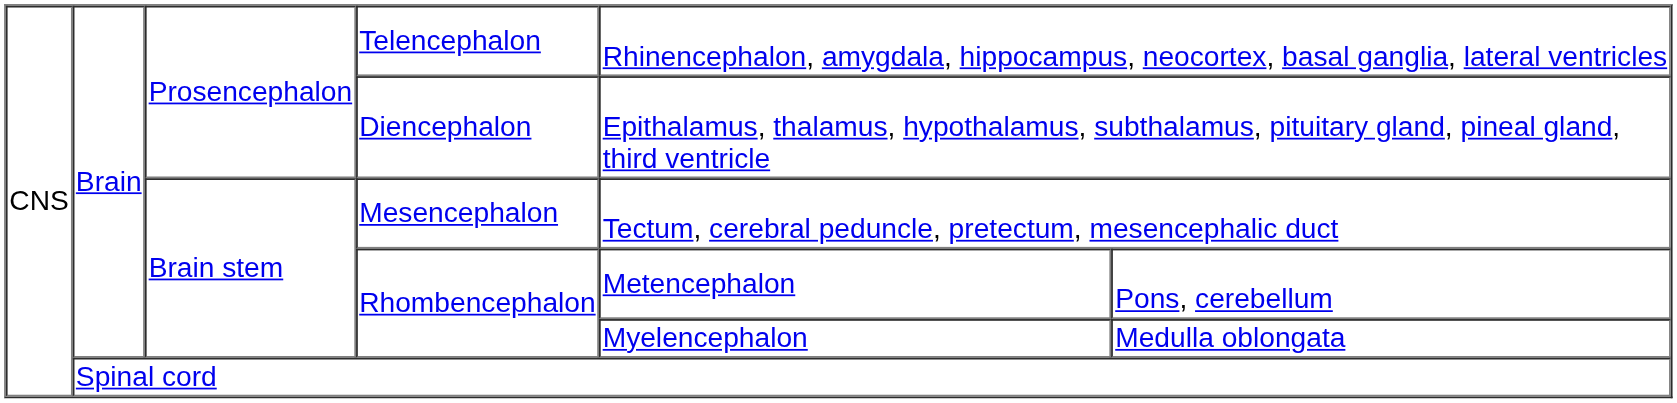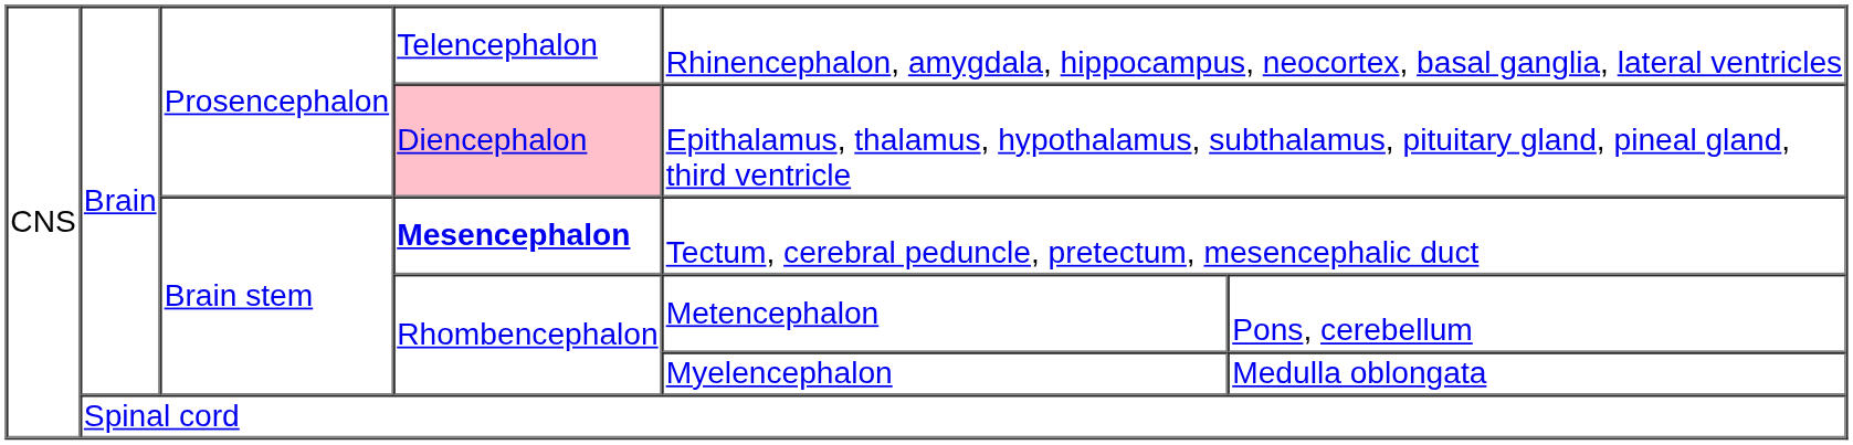 <table style="margin:auto; width:75%;" border="1" cellpadding="1" cellspacing="0">
 <tr>
 <td rowspan=6>CNS</td>
 <td rowspan=5><a href='#'>Brain</a></td>
 <td rowspan=2><a href='#'>Prosencephalon</a></td>
 <td><a href='#'>Telencephalon</a></td>
 <td colspan=2><br><a href='#'>Rhinencephalon</a>, <a href='#'>amygdala</a>, <a href='#'>hippocampus</a>, <a href='#'>neocortex</a>, <a href='#'>basal ganglia</a>, <a href='#'>lateral ventricles</a></td>
 </tr>
 <tr>
-<td><a href='#'>Diencephalon</a></td>
+<td style="background: pink;"><a href='#'>Diencephalon</a></td>
 <td colspan=2><br><a href='#'>Epithalamus</a>, <a href='#'>thalamus</a>, <a href='#'>hypothalamus</a>, <a href='#'>subthalamus</a>, <a href='#'>pituitary gland</a>, <a href='#'>pineal gland</a>, <a href='#'>third ventricle</a></td>
 </tr>
 <tr>
 <td rowspan=3><a href='#'>Brain stem</a></td>
-<td><a href='#'>Mesencephalon</a></td>
+<td><strong><a href='#'>Mesencephalon</a></strong></td>
 <td colspan=2><br><a href='#'>Tectum</a>, <a href='#'>cerebral peduncle</a>, <a href='#'>pretectum</a>, <a href='#'>mesencephalic duct</a></td>
 </tr>
 <tr>
 <td rowspan=2><a href='#'>Rhombencephalon</a></td>
 <td><a href='#'>Metencephalon</a></td>
 <td><br><a href='#'>Pons</a>, <a href='#'>cerebellum</a></td>
 </tr>
 <tr>
 <td><a href='#'>Myelencephalon</a></td>
 <td><a href='#'>Medulla oblongata</a></td>
 </tr>
 <tr>
 <td colspan="5" style="text-align:left;"><a href='#'>Spinal cord</a></td>
 </tr>
 </table>
